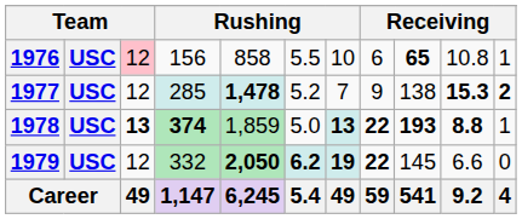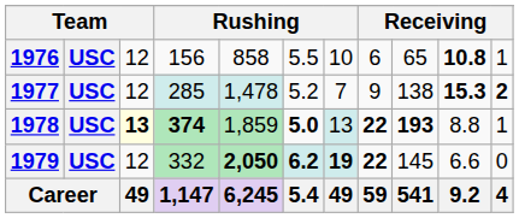 <table class="wikitable" style="text-align:center;">
 <tr>
 </tr>
 <tr>
 <th colspan="3">Team</th>
 <th colspan="4">Rushing</th>
 <th colspan="4">Receiving</th>
 </tr>
 <tr>
 <th><a href='#'>1976</a></th>
 <th><a href='#'>USC</a></th>
-<td style="background: pink;">12</td>
+<td>12</td>
 <td>156</td>
 <td>858</td>
 <td>5.5</td>
 <td>10</td>
 <td>6</td>
-<td><strong>65</strong></td>
-<td>10.8</td>
+<td>65</td>
+<td><strong>10.8</strong></td>
 <td>1</td>
 </tr>
 <tr>
 <th><a href='#'>1977</a></th>
 <th><a href='#'>USC</a></th>
 <td>12</td>
 <td style="background:#cfecec;">285</td>
-<td style="background:#cfecec;"><strong>1,478</strong></td>
+<td style="background:#cfecec;">1,478</td>
 <td>5.2</td>
 <td>7</td>
 <td>9</td>
 <td>138</td>
 <td><strong>15.3</strong></td>
 <td><strong>2</strong></td>
 </tr>
 <tr>
 <th><a href='#'>1978</a></th>
 <th><a href='#'>USC</a></th>
-<td><strong>13</strong></td>
+<td style="background: lightyellow;"><strong>13</strong></td>
 <td style="background:#afe6ba;"><strong>374</strong></td>
 <td style="background:#afe6ba;">1,859</td>
-<td>5.0</td>
-<td style="background:#cfecec;"><strong>13</strong></td>
+<td><strong>5.0</strong></td>
+<td style="background:#cfecec;">13</td>
 <td><strong>22</strong></td>
 <td><strong>193</strong></td>
-<td><strong>8.8</strong></td>
+<td>8.8</td>
 <td>1</td>
 </tr>
 <tr>
 <th><a href='#'>1979</a></th>
 <th><a href='#'>USC</a></th>
 <td>12</td>
 <td style="background:#afe6ba;">332</td>
 <td style="background:#afe6ba;"><strong>2,050</strong></td>
 <td style="background:#cfecec;"><strong>6.2</strong></td>
 <td style="background:#cfecec;"><strong>19</strong></td>
 <td><strong>22</strong></td>
 <td>145</td>
 <td>6.6</td>
 <td>0</td>
 </tr>
 <tr>
 <th colspan="2">Career</th>
 <th>49</th>
 <th style="background:#e0cef2;">1,147</th>
 <th style="background:#e0cef2;">6,245</th>
 <th>5.4</th>
 <th>49</th>
 <th>59</th>
 <th>541</th>
 <th>9.2</th>
 <th>4</th>
 </tr>
 </table>
